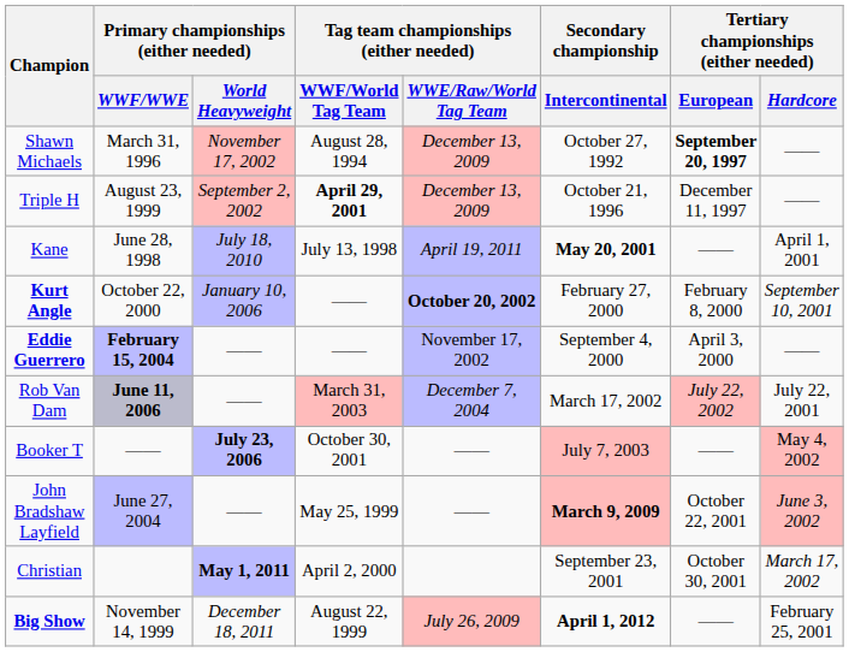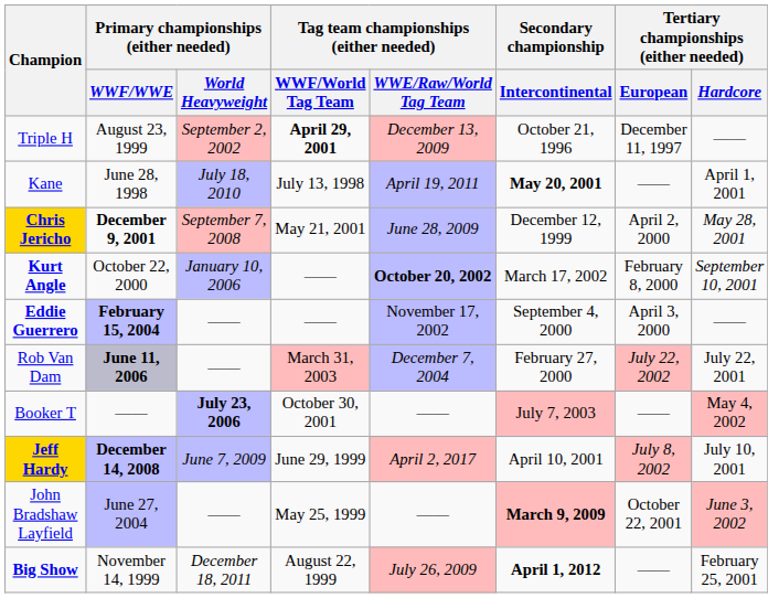 <table class="wikitable" style="font-size: 85%; text-align: center;" width="100%">
 <tr>
 <th rowspan=2>Champion</th>
 <th colspan=2>Primary championships (either needed)</th>
 <th colspan=2>Tag team championships (either needed)</th>
 <th>Secondary championship</th>
 <th colspan=2>Tertiary championships (either needed)</th>
 </tr>
 <tr>
 <th><em><a href='#'>WWF/WWE</a></em></th>
 <th><em><a href='#'>World Heavyweight</a></em></th>
 <th><a href='#'>WWF/World Tag Team</a></th>
 <th><em><a href='#'>WWE/Raw/World Tag Team</a></em></th>
 <th><a href='#'>Intercontinental</a></th>
 <th><a href='#'>European</a></th>
 <th><em><a href='#'>Hardcore</a></em></th>
-</tr>
-<tr>
-<td><a href='#'>Shawn Michaels</a></td>
-<td>March 31, 1996</td>
-<td style="background: #FFBBBB;"><em>November 17, 2002</em></td>
-<td>August 28, 1994<br></td>
-<td style="background: #FFBBBB;"><em>December 13, 2009</em><br></td>
-<td>October 27, 1992</td>
-<td><strong>September 20, 1997</strong></td>
-<td>——</td>
 </tr>
 <tr>
 <td><a href='#'>Triple H</a></td>
 <td>August 23, 1999</td>
 <td style="background: #FFBBBB;"><em>September 2, 2002</em></td>
 <td><strong>April 29, 2001</strong><br></td>
 <td style="background: #FFBBBB;"><em>December 13, 2009</em><br></td>
 <td>October 21, 1996</td>
 <td>December 11, 1997</td>
 <td>——</td>
 </tr>
 <tr>
 <td><a href='#'>Kane</a></td>
 <td>June 28, 1998</td>
 <td style="background: #BBBBFF;"><em>July 18, 2010</em></td>
 <td>July 13, 1998<br></td>
 <td style="background: #BBBBFF;"><em>April 19, 2011</em><br></td>
 <td><strong>May 20, 2001</strong></td>
 <td>——</td>
 <td>April 1, 2001</td>
 </tr>
 <tr>
+<td style="background: gold"><strong><a href='#'>Chris Jericho</a></strong></td>
+<td><strong>December 9, 2001</strong></td>
+<td style="background: #FFBBBB;"><em>September 7, 2008</em></td>
+<td>May 21, 2001<br></td>
+<td style="background: #BBBBFF;"><em>June 28, 2009</em><br></td>
+<td>December 12, 1999</td>
+<td>April 2, 2000</td>
+<td><em>May 28, 2001</em></td>
+</tr>
+<tr>
 <td><strong><a href='#'>Kurt Angle</a></strong></td>
 <td>October 22, 2000</td>
 <td style="background: #BBBBFF;"><em>January 10, 2006</em></td>
 <td>——</td>
 <td style="background: #BBBBFF;"><strong>October 20, 2002</strong><br></td>
-<td>February 27, 2000</td>
+<td>March 17, 2002</td>
 <td>February 8, 2000</td>
 <td><em>September 10, 2001</em></td>
 </tr>
 <tr>
 <td><strong><a href='#'>Eddie Guerrero</a></strong></td>
 <td style="background: #BBBBFF;"><strong>February 15, 2004</strong></td>
 <td>——</td>
 <td>——</td>
 <td style="background: #BBBBFF;">November 17, 2002<br></td>
 <td>September 4, 2000</td>
 <td>April 3, 2000</td>
 <td>——</td>
 </tr>
 <tr>
 <td><a href='#'>Rob Van Dam</a></td>
 <td style="background: #BBBBCC;"><strong>June 11, 2006</strong></td>
 <td>——</td>
 <td style="background: #FFBBBB;">March 31, 2003<br></td>
 <td style="background: #BBBBFF;"><em>December 7, 2004</em><br></td>
-<td>March 17, 2002</td>
+<td>February 27, 2000</td>
 <td style="background: #FFBBBB;"><em>July 22, 2002</em></td>
 <td>July 22, 2001</td>
 </tr>
 <tr>
 <td><a href='#'>Booker T</a></td>
 <td>——</td>
 <td style="background: #BBBBFF;"><strong>July 23, 2006</strong></td>
 <td>October 30, 2001<br></td>
 <td>——</td>
 <td style="background: #FFBBBB;">July 7, 2003</td>
 <td>——</td>
 <td style="background: #FFBBBB;">May 4, 2002</td>
 </tr>
 <tr>
+<td style="background: gold"><strong><a href='#'>Jeff Hardy</a></strong></td>
+<td style="background: #BBBBFF;"><strong>December 14, 2008</strong></td>
+<td style="background: #BBBBFF;"><em>June 7, 2009</em></td>
+<td>June 29, 1999<br></td>
+<td style="background: #FFBBBB;"><em>April 2, 2017</em><br></td>
+<td>April 10, 2001</td>
+<td style="background: #FFBBBB;"><em>July 8, 2002</em></td>
+<td>July 10, 2001</td>
+</tr>
+<tr>
 <td><a href='#'>John Bradshaw Layfield</a></td>
 <td style="background: #BBBBFF;">June 27, 2004</td>
 <td>——</td>
 <td>May 25, 1999<br></td>
 <td>——</td>
 <td style="background: #FFBBBB;"><strong>March 9, 2009</strong></td>
 <td>October 22, 2001</td>
 <td style="background: #FFBBBB;"><em>June 3, 2002</em></td>
-</tr>
-<tr>
-<td><a href='#'>Christian</a></td>
-<td></td>
-<td style="background: #BBBBFF;"><strong>May 1, 2011</strong></td>
-<td>April 2, 2000<br></td>
-<td></td>
-<td>September 23, 2001</td>
-<td>October 30, 2001</td>
-<td><em>March 17, 2002</em></td>
 </tr>
 <tr>
 <td><strong><a href='#'>Big Show</a></strong></td>
 <td>November 14, 1999</td>
 <td><em>December 18, 2011</em></td>
 <td>August 22, 1999<br></td>
 <td style="background: #FFBBBB;"><em>July 26, 2009</em><br></td>
 <td><strong>April 1, 2012</strong></td>
 <td>——</td>
 <td>February 25, 2001</td>
 </tr>
 </table>
